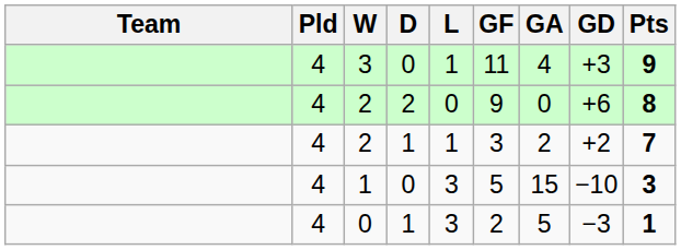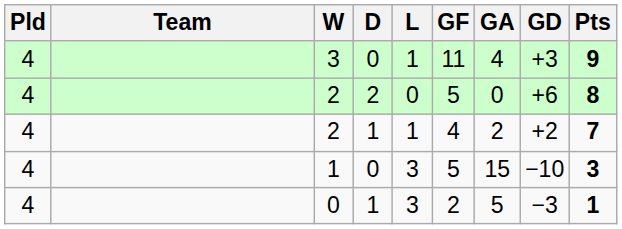 <table class="wikitable" style="text-align: center;">
 <tr>
+<th width=20>Pld</th>
 <th width=175>Team</th>
-<th width=20>Pld</th>
 <th width=20>W</th>
 <th width=20>D</th>
 <th width=20>L</th>
 <th width=20>GF</th>
 <th width=20>GA</th>
 <th width=20>GD</th>
 <th width=20>Pts</th>
 </tr>
 <tr bgcolor=ccffcc>
+<td>4</td>
 <td style="text-align:left;"></td>
-<td>4</td>
 <td>3</td>
 <td>0</td>
 <td>1</td>
 <td>11</td>
 <td>4</td>
 <td>+3</td>
 <td><strong>9</strong></td>
 </tr>
 <tr bgcolor=ccffcc>
+<td>4</td>
 <td style="text-align:left;"></td>
-<td>4</td>
 <td>2</td>
 <td>2</td>
 <td>0</td>
-<td>9</td>
+<td>5</td>
 <td>0</td>
 <td>+6</td>
 <td><strong>8</strong></td>
 </tr>
 <tr>
+<td>4</td>
 <td style="text-align:left;"></td>
-<td>4</td>
 <td>2</td>
 <td>1</td>
 <td>1</td>
-<td>3</td>
+<td>4</td>
 <td>2</td>
 <td>+2</td>
 <td><strong>7</strong></td>
 </tr>
 <tr>
+<td>4</td>
 <td style="text-align:left;"></td>
-<td>4</td>
 <td>1</td>
 <td>0</td>
 <td>3</td>
 <td>5</td>
 <td>15</td>
 <td>−10</td>
 <td><strong>3</strong></td>
 </tr>
 <tr>
+<td>4</td>
 <td style="text-align:left;"></td>
-<td>4</td>
 <td>0</td>
 <td>1</td>
 <td>3</td>
 <td>2</td>
 <td>5</td>
 <td>−3</td>
 <td><strong>1</strong></td>
 </tr>
 </table>
